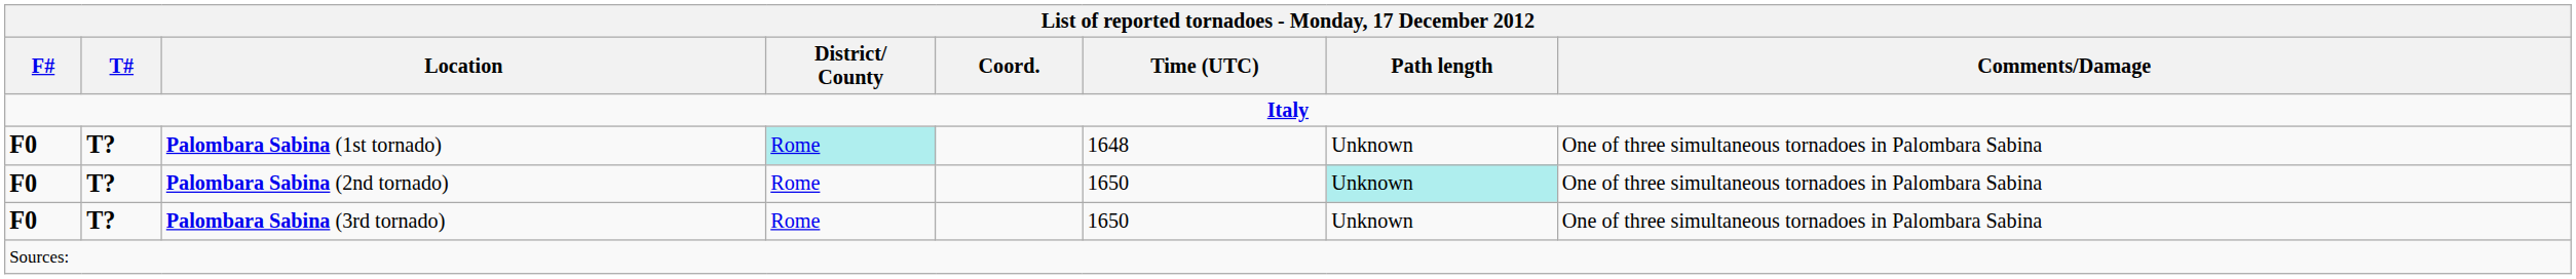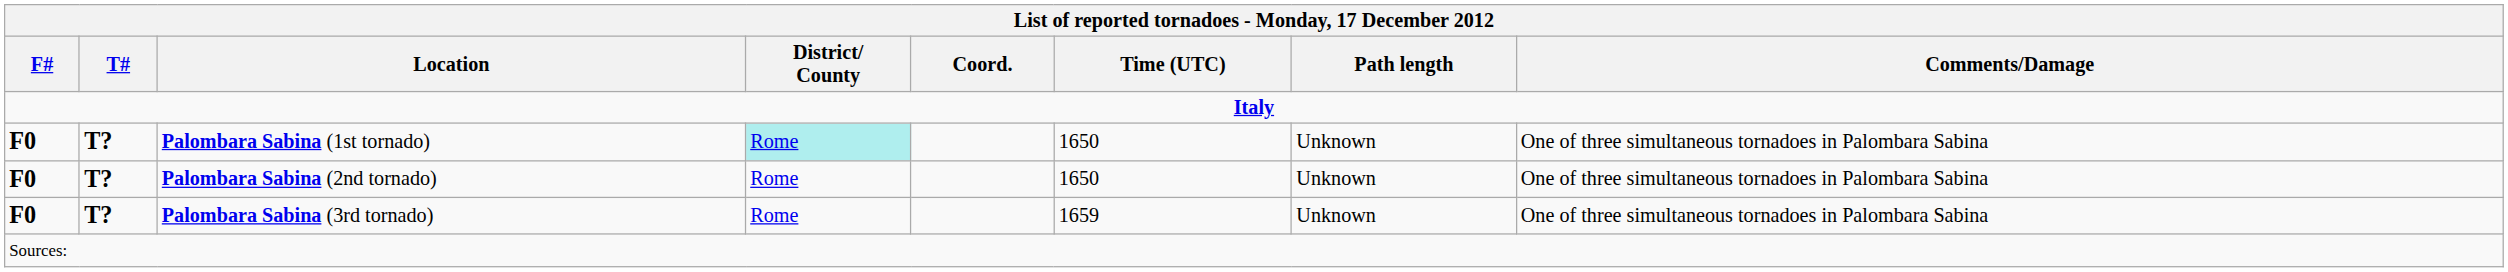 <table class="wikitable collapsible" width="100%">
 <tr>
 <th colspan="8">List of reported tornadoes - Monday, 17 December 2012</th>
 </tr>
 <tr>
 <th><a href='#'>F#</a></th>
 <th><a href='#'>T#</a></th>
 <th>Location</th>
 <th>District/<br>County</th>
 <th>Coord.</th>
 <th>Time (UTC)</th>
 <th>Path length</th>
 <th>Comments/Damage</th>
 </tr>
 <tr>
 <td colspan="8" align=center><strong><a href='#'>Italy</a></strong></td>
 </tr>
 <tr>
 <td><big><strong>F0</strong></big></td>
 <td><big><strong>T?</strong></big></td>
 <td><strong><a href='#'>Palombara Sabina</a></strong> (1st tornado)</td>
 <td style="background: paleturquoise;"><a href='#'>Rome</a></td>
 <td></td>
-<td>1648</td>
+<td>1650</td>
 <td>Unknown</td>
 <td>One of three simultaneous tornadoes in Palombara Sabina</td>
 </tr>
 <tr>
 <td><big><strong>F0</strong></big></td>
 <td><big><strong>T?</strong></big></td>
 <td><strong><a href='#'>Palombara Sabina</a></strong> (2nd tornado)</td>
 <td><a href='#'>Rome</a></td>
 <td></td>
 <td>1650</td>
-<td style="background: paleturquoise;">Unknown</td>
+<td>Unknown</td>
 <td>One of three simultaneous tornadoes in Palombara Sabina</td>
 </tr>
 <tr>
 <td><big><strong>F0</strong></big></td>
 <td><big><strong>T?</strong></big></td>
 <td><strong><a href='#'>Palombara Sabina</a></strong> (3rd tornado)</td>
 <td><a href='#'>Rome</a></td>
 <td></td>
-<td>1650</td>
+<td>1659</td>
 <td>Unknown</td>
 <td>One of three simultaneous tornadoes in Palombara Sabina</td>
 </tr>
 <tr>
 <td colspan="8"><small>Sources:  </small></td>
 </tr>
 </table>
